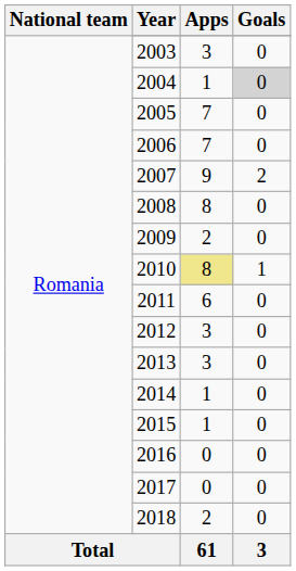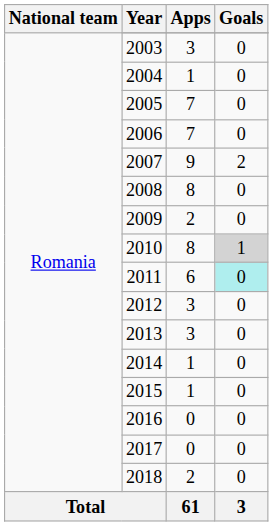 <table class="wikitable" style="text-align:center">
 <tr>
 <th>National team</th>
 <th>Year</th>
 <th>Apps</th>
 <th>Goals</th>
 </tr>
 <tr>
 <td rowspan="17"><a href='#'>Romania</a></td>
 </tr>
 <tr>
 <td>2003</td>
 <td>3</td>
 <td>0</td>
 </tr>
 <tr>
 <td>2004</td>
 <td>1</td>
-<td style="background: lightgrey;">0</td>
+<td>0</td>
 </tr>
 <tr>
 <td>2005</td>
 <td>7</td>
 <td>0</td>
 </tr>
 <tr>
 <td>2006</td>
 <td>7</td>
 <td>0</td>
 </tr>
 <tr>
 <td>2007</td>
 <td>9</td>
 <td>2</td>
 </tr>
 <tr>
 <td>2008</td>
 <td>8</td>
 <td>0</td>
 </tr>
 <tr>
 <td>2009</td>
 <td>2</td>
 <td>0</td>
 </tr>
 <tr>
 <td>2010</td>
-<td style="background: khaki;">8</td>
-<td>1</td>
+<td>8</td>
+<td style="background: lightgrey;">1</td>
 </tr>
 <tr>
 <td>2011</td>
 <td>6</td>
-<td>0</td>
+<td style="background: paleturquoise;">0</td>
 </tr>
 <tr>
 <td>2012</td>
 <td>3</td>
 <td>0</td>
 </tr>
 <tr>
 <td>2013</td>
 <td>3</td>
 <td>0</td>
 </tr>
 <tr>
 <td>2014</td>
 <td>1</td>
 <td>0</td>
 </tr>
 <tr>
 <td>2015</td>
 <td>1</td>
 <td>0</td>
 </tr>
 <tr>
 <td>2016</td>
 <td>0</td>
 <td>0</td>
 </tr>
 <tr>
 <td>2017</td>
 <td>0</td>
 <td>0</td>
 </tr>
 <tr>
 <td>2018</td>
 <td>2</td>
 <td>0</td>
 </tr>
 <tr>
 <th colspan="2">Total</th>
 <th>61</th>
 <th>3</th>
 </tr>
 </table>
